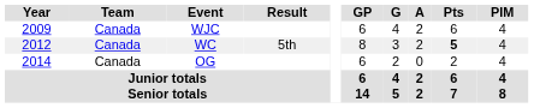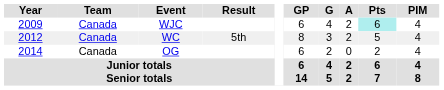 <table border="0" cellpadding="1" cellspacing="0" style="text-align:center; width:40em">
 <tr bgcolor="#e0e0e0">
 <th>Year</th>
 <th>Team</th>
 <th>Event</th>
 <th>Result</th>
 <th rowspan="99" bgcolor="#ffffff"> </th>
 <th>GP</th>
 <th>G</th>
 <th>A</th>
 <th>Pts</th>
 <th>PIM</th>
 </tr>
 <tr>
 <td><a href='#'>2009</a></td>
 <td><a href='#'>Canada</a></td>
 <td><a href='#'>WJC</a></td>
 <td></td>
 <td>6</td>
 <td>4</td>
 <td>2</td>
-<td>6</td>
+<td style="background: paleturquoise;">6</td>
 <td>4</td>
 </tr>
 <tr bgcolor="#f0f0f0">
 <td><a href='#'>2012</a></td>
 <td><a href='#'>Canada</a></td>
 <td><a href='#'>WC</a></td>
 <td>5th</td>
 <td>8</td>
 <td>3</td>
 <td>2</td>
-<td><strong>5</strong></td>
+<td>5</td>
 <td>4</td>
 </tr>
 <tr>
 <td><a href='#'>2014</a></td>
 <td>Canada</td>
 <td><a href='#'>OG</a></td>
 <td></td>
 <td>6</td>
 <td>2</td>
 <td>0</td>
 <td>2</td>
 <td>4</td>
 </tr>
 <tr bgcolor="#e0e0e0">
 <th colspan=4>Junior totals</th>
 <th>6</th>
 <th>4</th>
 <th>2</th>
 <th>6</th>
 <th>4</th>
 </tr>
 <tr bgcolor="#e0e0e0">
 <th colspan=4>Senior totals</th>
 <th>14</th>
 <th>5</th>
 <th>2</th>
 <th>7</th>
 <th>8</th>
 </tr>
 </table>
